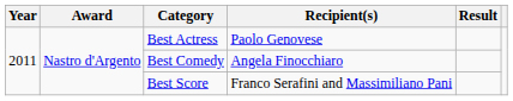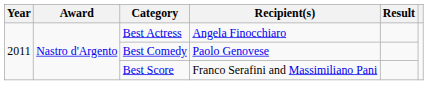 <table class="wikitable plainrowheaders sortable">
 <tr>
 <th>Year</th>
 <th scope="col">Award</th>
 <th scope="col">Category</th>
 <th scope="col">Recipient(s)</th>
 <th scope="col" class="unsortable">Result</th>
 <th scope="col" class="unsortable"></th>
 </tr>
 <tr>
 <td rowspan="3" style="text-align:center;">2011</td>
 <td rowspan="3"><a href='#'>Nastro d'Argento</a></td>
 <td><a href='#'>Best Actress</a></td>
-<td><a href='#'>Paolo Genovese</a></td>
+<td><a href='#'>Angela Finocchiaro</a></td>
 <td></td>
 <td rowspan="3" style="text-align:center;"></td>
 </tr>
 <tr>
 <td><a href='#'>Best Comedy</a></td>
-<td><a href='#'>Angela Finocchiaro</a></td>
+<td><a href='#'>Paolo Genovese</a></td>
 <td></td>
 </tr>
 <tr>
 <td><a href='#'>Best Score</a></td>
 <td>Franco Serafini and <a href='#'>Massimiliano Pani</a></td>
 <td></td>
 </tr>
 </table>
